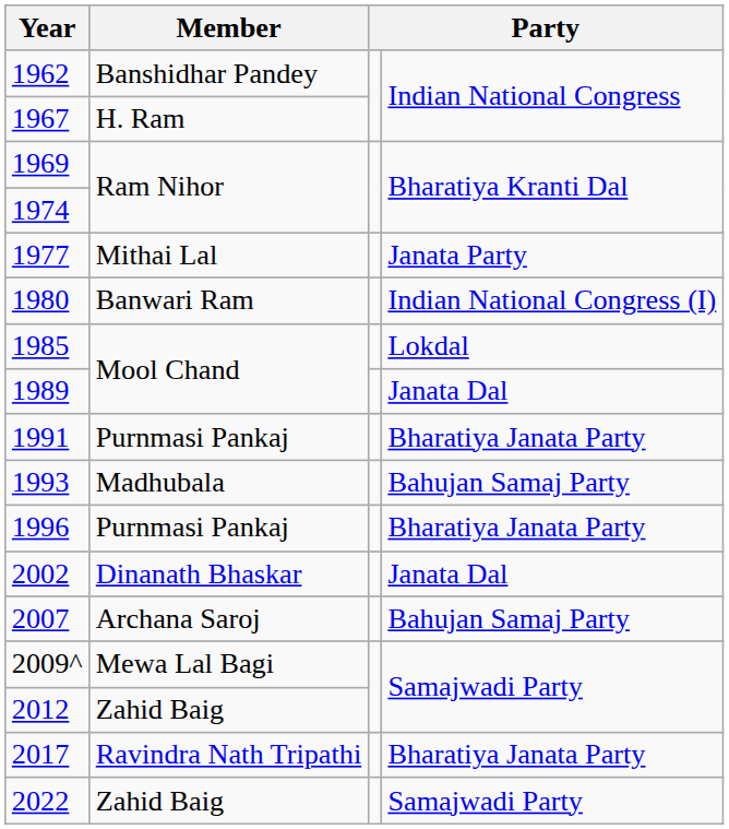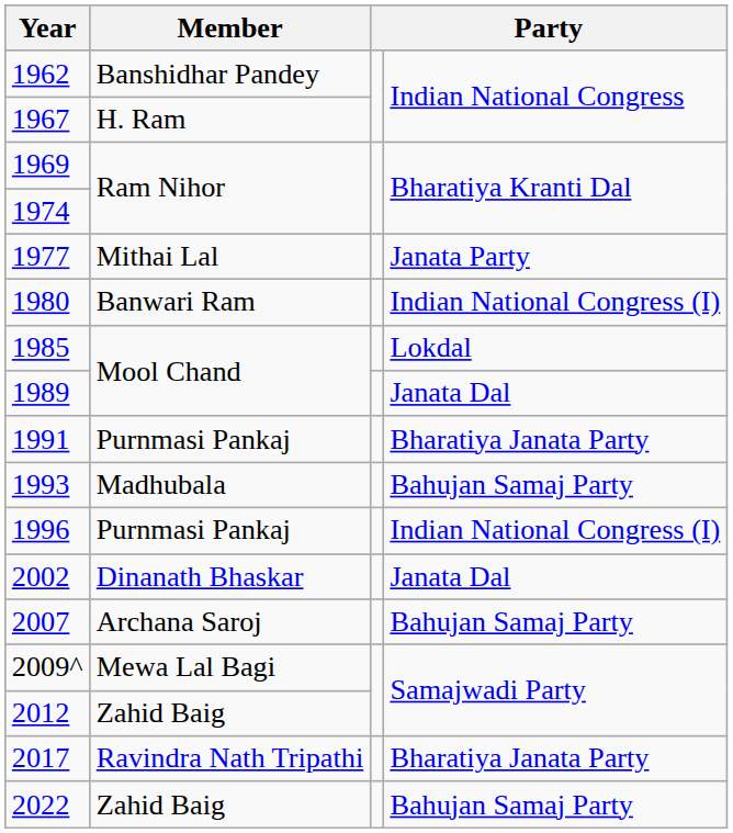 <table class="wikitable">
 <tr>
 <th>Year</th>
 <th>Member</th>
 <th colspan="2">Party</th>
 </tr>
 <tr>
 <td><a href='#'>1962</a></td>
 <td>Banshidhar Pandey</td>
 <td rowspan="2" style="background-color: "></td>
 <td rowspan="2"><a href='#'>Indian National Congress</a></td>
 </tr>
 <tr>
 <td><a href='#'>1967</a></td>
 <td>H. Ram</td>
 </tr>
 <tr>
 <td><a href='#'>1969</a></td>
 <td rowspan="2">Ram Nihor</td>
 <td rowspan="2" style="background-color: "></td>
 <td rowspan="2"><a href='#'>Bharatiya Kranti Dal</a></td>
 </tr>
 <tr>
 <td><a href='#'>1974</a></td>
 </tr>
 <tr>
 <td><a href='#'>1977</a></td>
 <td>Mithai Lal</td>
 <td style="background-color: "></td>
 <td><a href='#'>Janata Party</a></td>
 </tr>
 <tr>
 <td><a href='#'>1980</a></td>
 <td>Banwari Ram</td>
 <td style="background-color: "></td>
 <td><a href='#'>Indian National Congress (I)</a></td>
 </tr>
 <tr>
 <td><a href='#'>1985</a></td>
 <td rowspan="2">Mool Chand</td>
 <td style="background-color: "></td>
 <td><a href='#'>Lokdal</a></td>
 </tr>
 <tr>
 <td><a href='#'>1989</a></td>
 <td style="background-color: "></td>
 <td><a href='#'>Janata Dal</a></td>
 </tr>
 <tr>
 <td><a href='#'>1991</a></td>
 <td>Purnmasi Pankaj</td>
 <td style="background-color: "></td>
 <td><a href='#'>Bharatiya Janata Party</a></td>
 </tr>
 <tr>
 <td><a href='#'>1993</a></td>
 <td>Madhubala</td>
 <td style="background-color: "></td>
 <td><a href='#'>Bahujan Samaj Party</a></td>
 </tr>
 <tr>
 <td><a href='#'>1996</a></td>
 <td>Purnmasi Pankaj</td>
 <td style="background-color: "></td>
-<td><a href='#'>Bharatiya Janata Party</a></td>
+<td><a href='#'>Indian National Congress (I)</a></td>
 </tr>
 <tr>
 <td><a href='#'>2002</a></td>
 <td><a href='#'>Dinanath Bhaskar</a></td>
 <td style="background-color: "></td>
 <td><a href='#'>Janata Dal</a></td>
 </tr>
 <tr>
 <td><a href='#'>2007</a></td>
 <td>Archana Saroj</td>
 <td style="background-color: "></td>
 <td><a href='#'>Bahujan Samaj Party</a></td>
 </tr>
 <tr>
 <td>2009^</td>
 <td>Mewa Lal Bagi</td>
 <td rowspan="2" style="background-color: "></td>
 <td rowspan="2"><a href='#'>Samajwadi Party</a></td>
 </tr>
 <tr>
 <td><a href='#'>2012</a></td>
 <td>Zahid Baig</td>
 </tr>
 <tr>
 <td><a href='#'>2017</a></td>
 <td><a href='#'>Ravindra Nath Tripathi</a></td>
 <td style="background-color: "></td>
 <td><a href='#'>Bharatiya Janata Party</a></td>
 </tr>
 <tr>
 <td><a href='#'>2022</a></td>
 <td>Zahid Baig</td>
 <td style="background-color: "></td>
-<td><a href='#'>Samajwadi Party</a></td>
+<td><a href='#'>Bahujan Samaj Party</a></td>
 </tr>
 </table>
